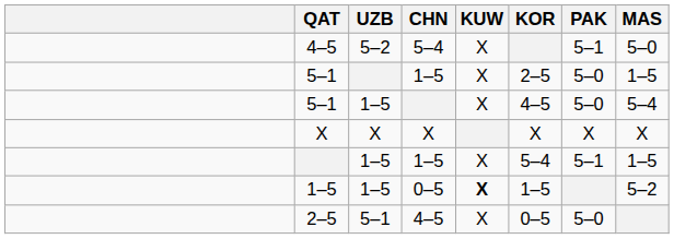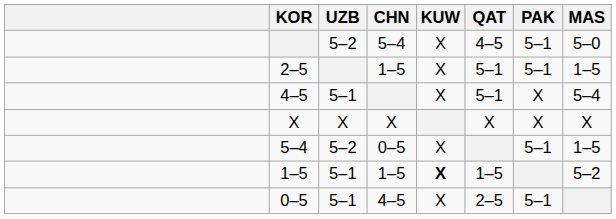 <table class="wikitable" style="text-align:center">
 <tr>
 <th width="250"> </th>
-<th width="40">QAT</th>
+<th width="40">KOR</th>
 <th width="40">UZB</th>
 <th width="40">CHN</th>
 <th width="40">KUW</th>
-<th width="40">KOR</th>
+<th width="40">QAT</th>
 <th width="40">PAK</th>
 <th width="40">MAS</th>
 </tr>
 <tr>
 <td align=left></td>
-<td>4–5</td>
+<th></th>
 <td>5–2</td>
 <td>5–4</td>
 <td>X</td>
-<th></th>
+<td>4–5</td>
 <td>5–1</td>
 <td>5–0</td>
 </tr>
 <tr>
 <td align=left></td>
-<td>5–1</td>
+<td>2–5</td>
 <th></th>
 <td>1–5</td>
 <td>X</td>
-<td>2–5</td>
-<td>5–0</td>
+<td>5–1</td>
+<td>5–1</td>
 <td>1–5</td>
 </tr>
 <tr>
 <td align=left></td>
+<td>4–5</td>
 <td>5–1</td>
-<td>1–5</td>
 <th></th>
 <td>X</td>
-<td>4–5</td>
-<td>5–0</td>
+<td>5–1</td>
+<td>X</td>
 <td>5–4</td>
 </tr>
 <tr>
 <td align=left></td>
 <td>X</td>
 <td>X</td>
 <td>X</td>
 <th></th>
 <td>X</td>
 <td>X</td>
 <td>X</td>
 </tr>
 <tr>
 <td align=left></td>
+<td>5–4</td>
+<td>5–2</td>
+<td>0–5</td>
+<td>X</td>
 <th></th>
-<td>1–5</td>
-<td>1–5</td>
-<td>X</td>
-<td>5–4</td>
 <td>5–1</td>
 <td>1–5</td>
 </tr>
 <tr>
 <td align=left></td>
 <td>1–5</td>
+<td>5–1</td>
 <td>1–5</td>
-<td>0–5</td>
 <td><strong>X</strong></td>
 <td>1–5</td>
 <th></th>
 <td>5–2</td>
 </tr>
 <tr>
 <td align=left></td>
-<td>2–5</td>
+<td>0–5</td>
 <td>5–1</td>
 <td>4–5</td>
 <td>X</td>
-<td>0–5</td>
-<td>5–0</td>
+<td>2–5</td>
+<td>5–1</td>
 <th></th>
 </tr>
 </table>
